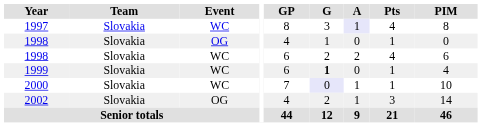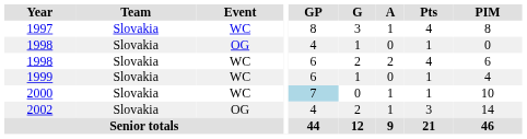 <table border="0" cellpadding="1" cellspacing="0" ID="Table3" style="text-align:center; width:40em">
 <tr ALIGN="center" bgcolor="#e0e0e0">
 <th>Year</th>
 <th>Team</th>
 <th>Event</th>
 <th rowspan="99" bgcolor="#ffffff"></th>
 <th>GP</th>
 <th>G</th>
 <th>A</th>
 <th>Pts</th>
 <th>PIM</th>
 </tr>
 <tr>
 <td><a href='#'>1997</a></td>
 <td><a href='#'>Slovakia</a></td>
 <td><a href='#'>WC</a></td>
 <td>8</td>
 <td>3</td>
-<td style="background: lavender;">1</td>
+<td>1</td>
 <td>4</td>
 <td>8</td>
 </tr>
 <tr bgcolor="#f0f0f0">
 <td><a href='#'>1998</a></td>
 <td>Slovakia</td>
 <td><a href='#'>OG</a></td>
 <td>4</td>
 <td>1</td>
 <td>0</td>
 <td>1</td>
 <td>0</td>
 </tr>
 <tr>
 <td><a href='#'>1998</a></td>
 <td>Slovakia</td>
 <td>WC</td>
 <td>6</td>
 <td>2</td>
 <td>2</td>
 <td>4</td>
 <td>6</td>
 </tr>
 <tr bgcolor="#f0f0f0">
 <td><a href='#'>1999</a></td>
 <td>Slovakia</td>
 <td>WC</td>
 <td>6</td>
-<td><strong>1</strong></td>
+<td>1</td>
 <td>0</td>
 <td>1</td>
 <td>4</td>
 </tr>
 <tr>
 <td><a href='#'>2000</a></td>
 <td>Slovakia</td>
 <td>WC</td>
-<td>7</td>
-<td style="background: lavender;">0</td>
+<td style="background: lightblue;">7</td>
+<td>0</td>
 <td>1</td>
 <td>1</td>
 <td>10</td>
 </tr>
 <tr bgcolor="#f0f0f0">
 <td><a href='#'>2002</a></td>
 <td>Slovakia</td>
 <td>OG</td>
 <td>4</td>
 <td>2</td>
 <td>1</td>
 <td>3</td>
 <td>14</td>
 </tr>
 <tr bgcolor="#e0e0e0">
 <th colspan="3">Senior totals</th>
 <th>44</th>
 <th>12</th>
 <th>9</th>
 <th>21</th>
 <th>46</th>
 </tr>
 </table>
